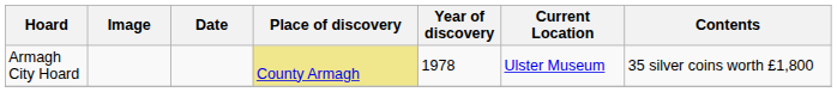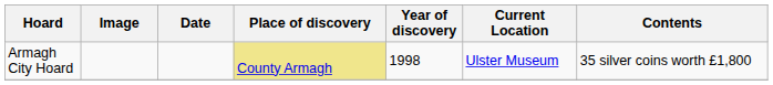 <table class="wikitable sortable" style="width: 100%">
 <tr>
 <th width="10%">Hoard</th>
 <th width="10%">Image</th>
 <th width="10%">Date</th>
 <th width="20%">Place of discovery</th>
 <th width="10%">Year of discovery</th>
 <th width="15%">Current Location</th>
 <th class="unsortable" width="25%">Contents</th>
 </tr>
 <tr>
 <td>Armagh City Hoard</td>
 <td></td>
 <td></td>
 <td style="background: khaki;"><br><a href='#'>County Armagh</a><br><small></small></td>
-<td>1978</td>
+<td>1998</td>
 <td><a href='#'>Ulster Museum</a></td>
 <td>35 silver coins worth £1,800</td>
 </tr>
 <tr>
 </tr>
 </table>
